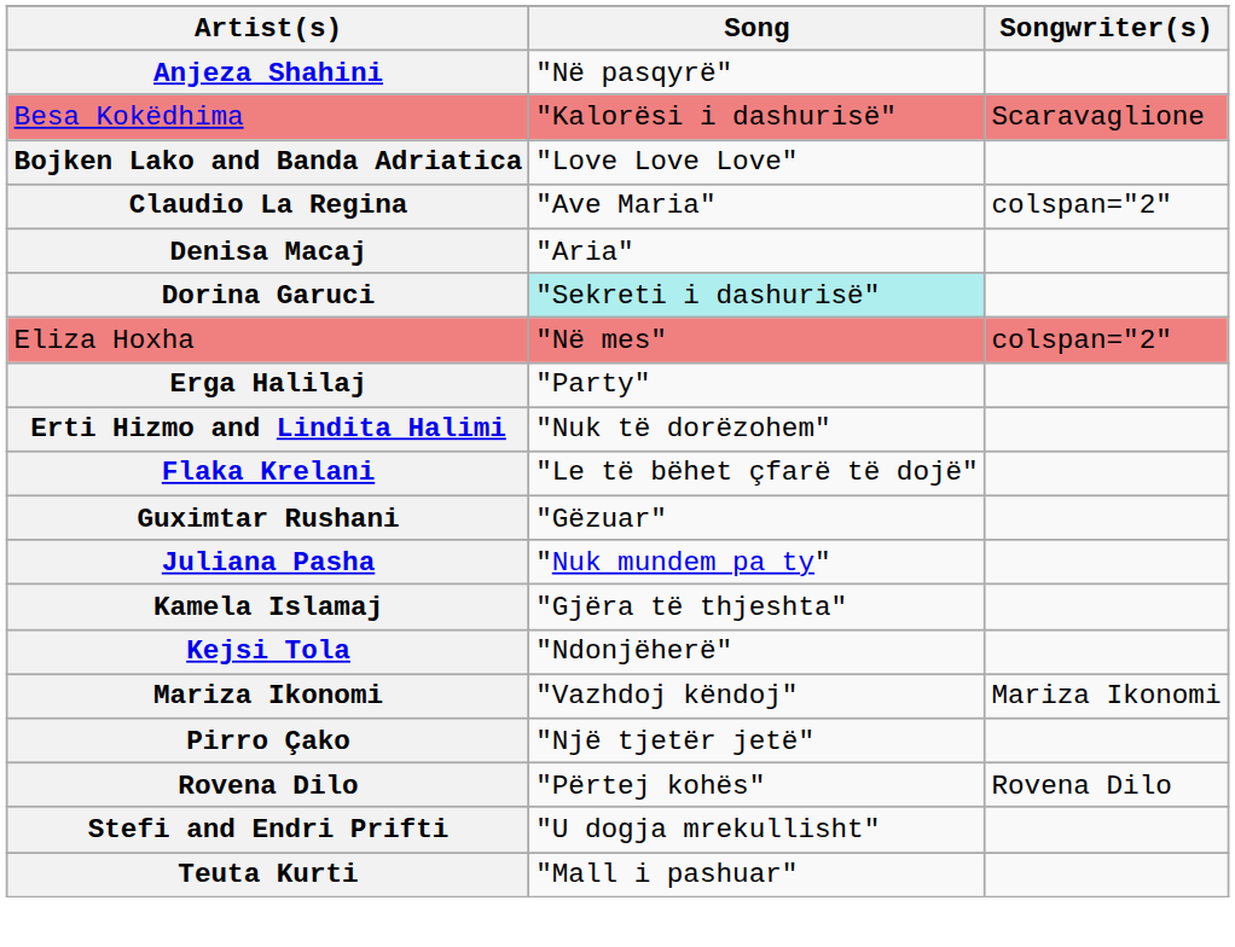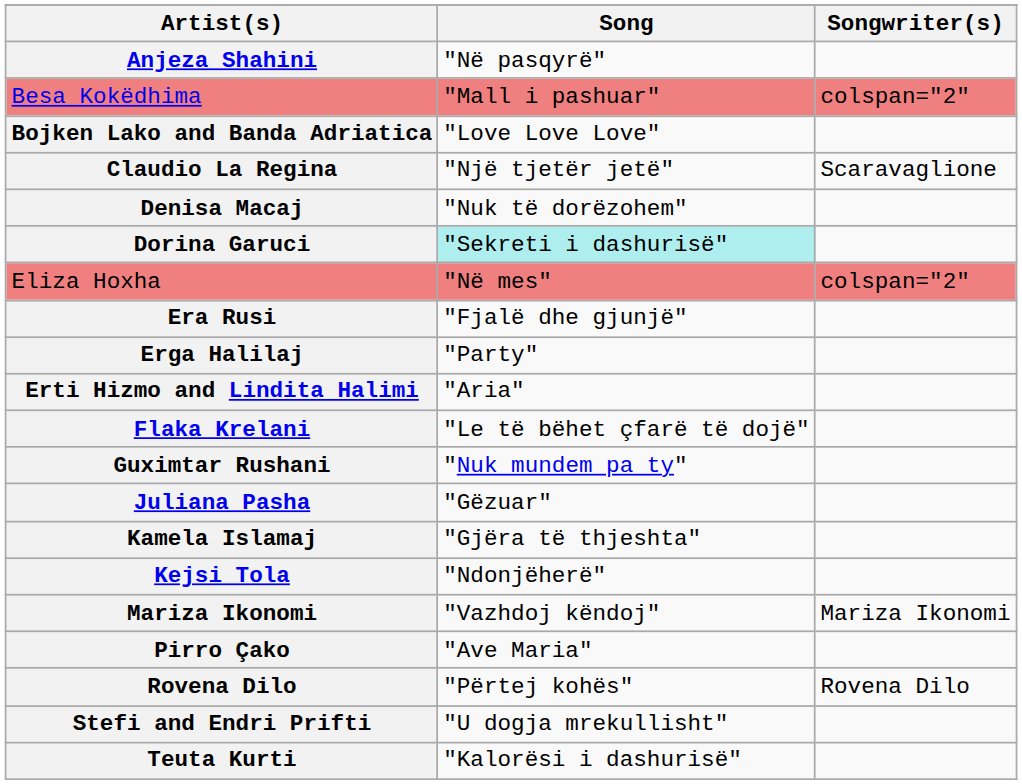 <table class="wikitable sortable plainrowheaders" style="margin: 1em auto 1em auto">
 <tr>
 </tr>
 <tr>
 <th scope="col">Artist(s)</th>
 <th scope="col">Song</th>
 <th scope="col" class="unsortable">Songwriter(s)</th>
 </tr>
 <tr>
 <th scope="row"><a href='#'>Anjeza Shahini</a></th>
 <td>"Në pasqyrë"</td>
 <td></td>
 </tr>
 <tr bgcolor="#F08080">
 <td><a href='#'>Besa Kokëdhima</a></td>
-<td>"Kalorësi i dashurisë"</td>
-<td>Scaravaglione</td>
+<td>"Mall i pashuar"</td>
+<td>colspan="2" </td>
 </tr>
 <tr>
 <th scope="row">Bojken Lako and Banda Adriatica</th>
 <td>"Love Love Love"</td>
 <td></td>
 </tr>
 <tr>
 <th scope="row">Claudio La Regina</th>
-<td>"Ave Maria"</td>
-<td>colspan="2" </td>
+<td>"Një tjetër jetë"</td>
+<td>Scaravaglione</td>
 </tr>
 <tr>
 <th scope="row">Denisa Macaj</th>
-<td>"Aria"</td>
+<td>"Nuk të dorëzohem"</td>
 <td></td>
 </tr>
 <tr>
 <th scope="row">Dorina Garuci</th>
 <td style="background: paleturquoise;">"Sekreti i dashurisë"</td>
 <td></td>
 </tr>
 <tr bgcolor="#F08080">
 <td>Eliza Hoxha</td>
 <td>"Në mes"</td>
 <td>colspan="2" </td>
 </tr>
 <tr>
+<th scope="row">Era Rusi</th>
+<td>"Fjalë dhe gjunjë"</td>
+<td></td>
+</tr>
+<tr>
 <th scope="row">Erga Halilaj</th>
 <td>"Party"</td>
 <td></td>
 </tr>
 <tr>
 <th scope="row">Erti Hizmo and <a href='#'>Lindita Halimi</a></th>
-<td>"Nuk të dorëzohem"</td>
+<td>"Aria"</td>
 <td></td>
 </tr>
 <tr>
 <th scope="row"><a href='#'>Flaka Krelani</a></th>
 <td>"Le të bëhet çfarë të dojë"</td>
 <td></td>
 </tr>
 <tr>
 <th scope="row">Guximtar Rushani</th>
-<td>"Gëzuar"</td>
+<td>"<a href='#'>Nuk mundem pa ty</a>"</td>
 <td></td>
 </tr>
 <tr>
 <th scope="row"><a href='#'>Juliana Pasha</a></th>
-<td>"<a href='#'>Nuk mundem pa ty</a>"</td>
+<td>"Gëzuar"</td>
 <td></td>
 </tr>
 <tr>
 <th scope="row">Kamela Islamaj</th>
 <td>"Gjëra të thjeshta"</td>
 <td></td>
 </tr>
 <tr>
 <th scope="row"><a href='#'>Kejsi Tola</a></th>
 <td>"Ndonjëherë"</td>
 <td></td>
 </tr>
 <tr>
 <th scope="row">Mariza Ikonomi</th>
 <td>"Vazhdoj këndoj"</td>
 <td>Mariza Ikonomi</td>
 </tr>
 <tr>
 <th scope="row">Pirro Çako</th>
-<td>"Një tjetër jetë"</td>
+<td>"Ave Maria"</td>
 <td></td>
 </tr>
 <tr>
 <th scope="row">Rovena Dilo</th>
 <td>"Përtej kohës"</td>
 <td>Rovena Dilo</td>
 </tr>
 <tr>
 <th scope="row">Stefi and Endri Prifti</th>
 <td>"U dogja mrekullisht"</td>
 <td></td>
 </tr>
 <tr>
 <th scope="row">Teuta Kurti</th>
-<td>"Mall i pashuar"</td>
+<td>"Kalorësi i dashurisë"</td>
 <td></td>
 </tr>
 </table>
